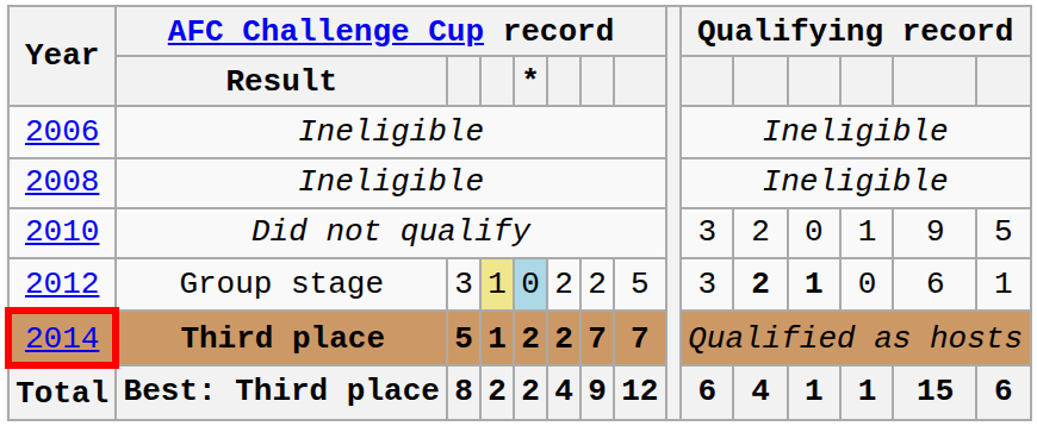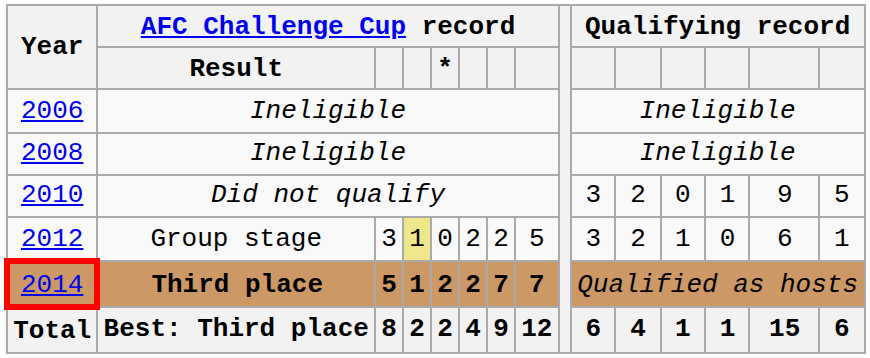 <table class="wikitable" style="text-align:center">
 <tr>
 <th rowspan=2>Year</th>
 <th colspan=7><a href='#'>AFC Challenge Cup</a> record</th>
 <th rowspan=8></th>
 <th colspan=8>Qualifying record</th>
 </tr>
 <tr>
 <th>Result</th>
 <th></th>
 <th></th>
 <th>*</th>
 <th></th>
 <th></th>
 <th></th>
 <th></th>
 <th></th>
 <th></th>
 <th></th>
 <th></th>
 <th></th>
 </tr>
 <tr>
 <td> <a href='#'>2006</a></td>
 <td colspan=7><em>Ineligible</em></td>
 <td colspan=7><em>Ineligible</em></td>
 </tr>
 <tr>
 <td> <a href='#'>2008</a></td>
 <td colspan=7><em>Ineligible</em></td>
 <td colspan=7><em>Ineligible</em></td>
 </tr>
 <tr>
 <td> <a href='#'>2010</a></td>
 <td colspan=7><em>Did not qualify</em></td>
 <td>3</td>
 <td>2</td>
 <td>0</td>
 <td>1</td>
 <td>9</td>
 <td>5</td>
 </tr>
 <tr>
 <td> <a href='#'>2012</a></td>
 <td>Group stage</td>
 <td>3</td>
 <td style="background: khaki;">1</td>
-<td style="background: lightblue;">0</td>
+<td>0</td>
 <td>2</td>
 <td>2</td>
 <td>5</td>
 <td>3</td>
-<td><strong>2</strong></td>
-<td><strong>1</strong></td>
+<td>2</td>
+<td>1</td>
 <td>0</td>
 <td>6</td>
 <td>1</td>
 </tr>
 <tr bgcolor="#cc9966">
 <td style="border: 3px solid red"> <a href='#'>2014</a></td>
 <td><strong>Third place</strong></td>
 <td><strong>5</strong></td>
 <td><strong>1</strong></td>
 <td><strong>2</strong></td>
 <td><strong>2</strong></td>
 <td><strong>7</strong></td>
 <td><strong>7</strong></td>
 <td colspan=7><em>Qualified as hosts</em></td>
 </tr>
 <tr>
 <th><strong>Total</strong></th>
 <th><strong>Best: Third place</strong></th>
 <th><strong>8</strong></th>
 <th><strong>2</strong></th>
 <th><strong>2</strong></th>
 <th><strong>4</strong></th>
 <th><strong>9</strong></th>
 <th><strong>12</strong></th>
 <th><strong>6</strong></th>
 <th><strong>4</strong></th>
 <th><strong>1</strong></th>
 <th><strong>1</strong></th>
 <th><strong>15</strong></th>
 <th><strong>6</strong></th>
 </tr>
 </table>
